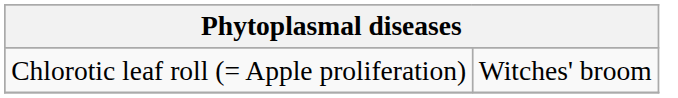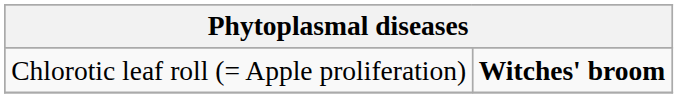 <table class="wikitable" style="clear">
 <tr>
 <th colspan=2><strong>Phytoplasmal diseases</strong><br></th>
 </tr>
 <tr>
 <td>Chlorotic leaf roll (= Apple proliferation)</td>
-<td>Witches' broom</td>
+<td><strong>Witches' broom</strong></td>
 </tr>
 <tr>
 </tr>
 </table>
